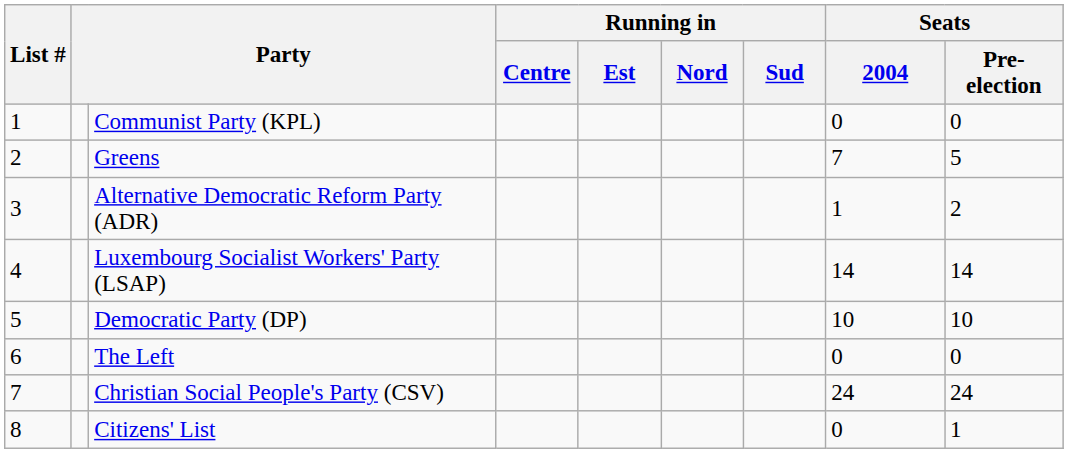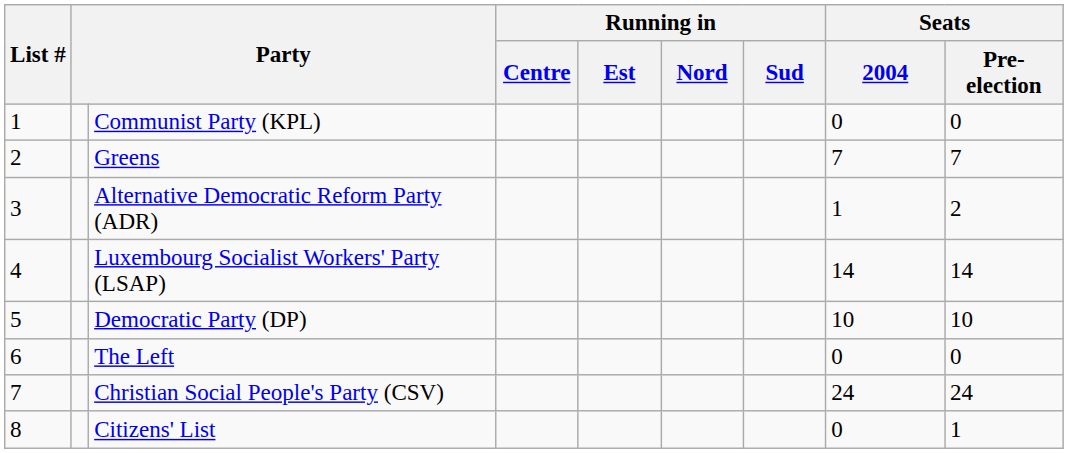 <table class="wikitable">
 <tr>
 <th rowspan=2>List #</th>
 <th rowspan=2 colspan=2>Party</th>
 <th colspan=4>Running in</th>
 <th colspan=2>Seats</th>
 </tr>
 <tr>
 <th width=50px><a href='#'>Centre</a></th>
 <th width=50px><a href='#'>Est</a></th>
 <th width=50px><a href='#'>Nord</a></th>
 <th width=50px><a href='#'>Sud</a></th>
 <th width=75px><a href='#'>2004</a></th>
 <th width=75px>Pre-election</th>
 </tr>
 <tr>
 <td>1</td>
 <td width=5px style="background-color: "></td>
 <td width=275px><a href='#'>Communist Party</a> (KPL)</td>
 <td align=center></td>
 <td align=center></td>
 <td align=center></td>
 <td align=center></td>
 <td>0</td>
 <td>0</td>
 </tr>
 <tr>
 <td>2</td>
 <td style="background-color: "></td>
 <td><a href='#'>Greens</a></td>
 <td align=center></td>
 <td align=center></td>
 <td align=center></td>
 <td align=center></td>
 <td>7</td>
-<td>5</td>
+<td>7</td>
 </tr>
 <tr>
 <td>3</td>
 <td style="background-color: "></td>
 <td><a href='#'>Alternative Democratic Reform Party</a> (ADR)</td>
 <td align=center></td>
 <td align=center></td>
 <td align=center></td>
 <td align=center></td>
 <td>1</td>
 <td>2</td>
 </tr>
 <tr>
 <td>4</td>
 <td style="background-color: "></td>
 <td><a href='#'>Luxembourg Socialist Workers' Party</a> (LSAP)</td>
 <td align=center></td>
 <td align=center></td>
 <td align=center></td>
 <td align=center></td>
 <td>14</td>
 <td>14</td>
 </tr>
 <tr>
 <td>5</td>
 <td style="background-color: "></td>
 <td><a href='#'>Democratic Party</a> (DP)</td>
 <td align=center></td>
 <td align=center></td>
 <td align=center></td>
 <td align=center></td>
 <td>10</td>
 <td>10</td>
 </tr>
 <tr>
 <td>6</td>
 <td style="background-color: "></td>
 <td><a href='#'>The Left</a></td>
 <td align=center></td>
 <td align=center></td>
 <td align=center></td>
 <td align=center></td>
 <td>0</td>
 <td>0</td>
 </tr>
 <tr>
 <td>7</td>
 <td style="background-color: "></td>
 <td><a href='#'>Christian Social People's Party</a> (CSV)</td>
 <td align=center></td>
 <td align=center></td>
 <td align=center></td>
 <td align=center></td>
 <td>24</td>
 <td>24</td>
 </tr>
 <tr>
 <td>8</td>
 <td style="background-color: "></td>
 <td><a href='#'>Citizens' List</a></td>
 <td align=center></td>
 <td align=center></td>
 <td align=center></td>
 <td align=center></td>
 <td>0</td>
 <td>1</td>
 </tr>
 </table>
